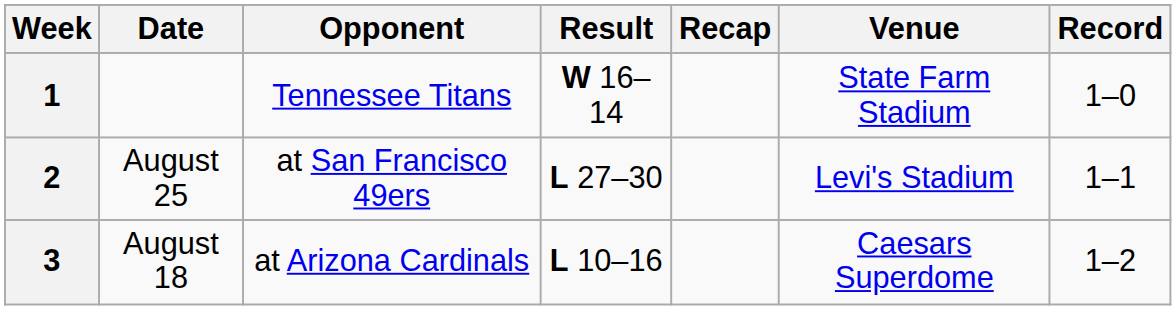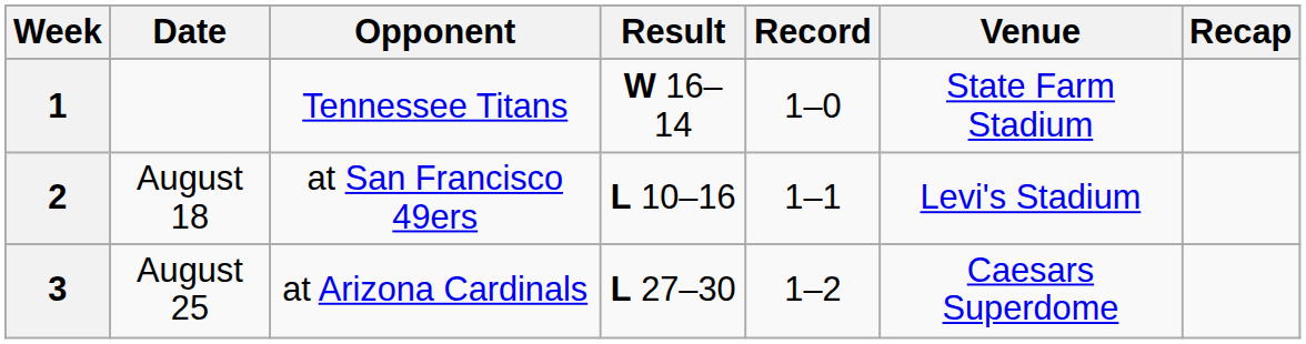 <table class="wikitable" style="text-align:center">
 <tr>
 <th>Week</th>
 <th>Date</th>
 <th>Opponent</th>
 <th>Result</th>
+<th>Record</th>
+<th>Venue</th>
 <th>Recap</th>
-<th>Venue</th>
-<th>Record</th>
 </tr>
 <tr>
 <th>1</th>
 <td></td>
 <td><a href='#'>Tennessee Titans</a></td>
 <td><strong>W</strong> 16–14</td>
+<td>1–0</td>
+<td><a href='#'>State Farm Stadium</a></td>
 <td></td>
-<td><a href='#'>State Farm Stadium</a></td>
-<td>1–0</td>
 </tr>
 <tr>
 <th>2</th>
-<td>August 25</td>
+<td>August 18</td>
 <td>at <a href='#'>San Francisco 49ers</a></td>
-<td><strong>L</strong> 27–30</td>
+<td><strong>L</strong> 10–16</td>
+<td>1–1</td>
+<td><a href='#'>Levi's Stadium</a></td>
 <td></td>
-<td><a href='#'>Levi's Stadium</a></td>
-<td>1–1</td>
 </tr>
 <tr>
 <th>3</th>
-<td>August 18</td>
+<td>August 25</td>
 <td>at <a href='#'>Arizona Cardinals</a></td>
-<td><strong>L</strong> 10–16</td>
+<td><strong>L</strong> 27–30</td>
+<td>1–2</td>
+<td><a href='#'>Caesars Superdome</a></td>
 <td></td>
-<td><a href='#'>Caesars Superdome</a></td>
-<td>1–2</td>
 </tr>
 </table>
